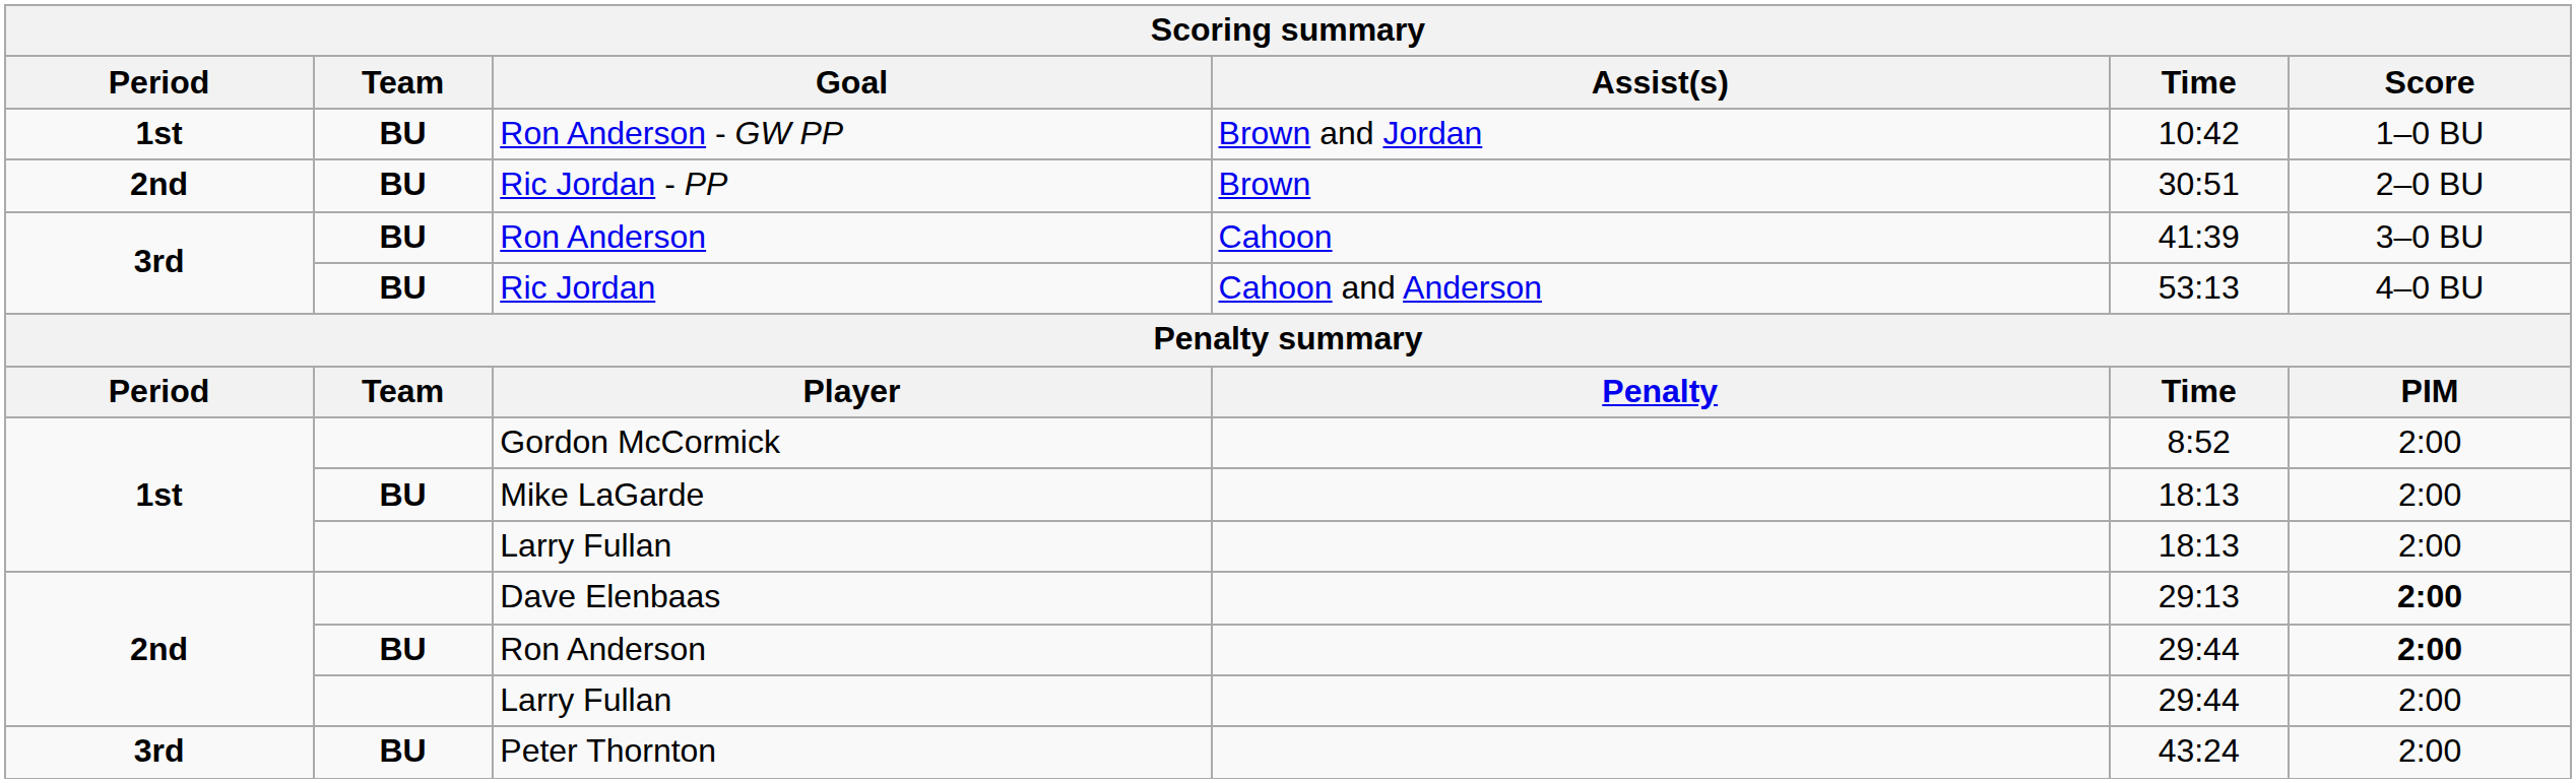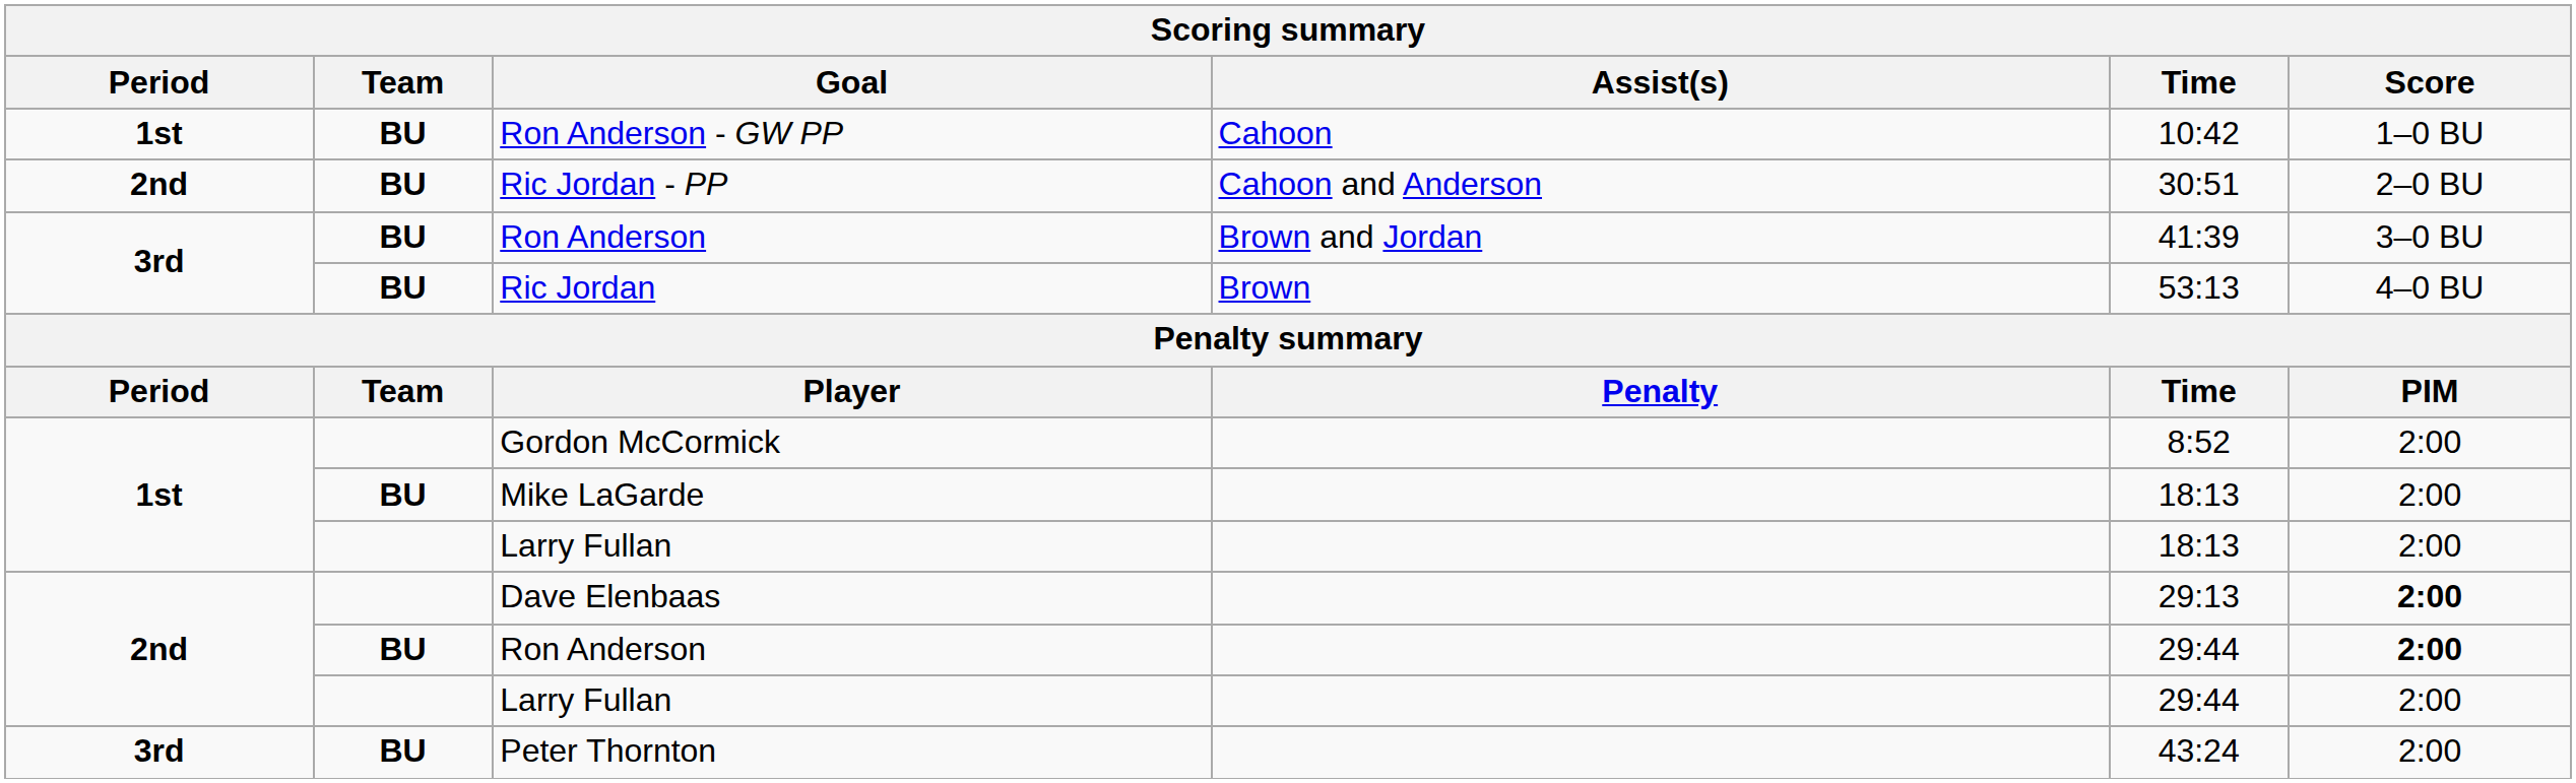 <table style="width:100%;" class="wikitable">
 <tr>
 <th colspan=6>Scoring summary</th>
 </tr>
 <tr>
 <th style="width:12%;">Period</th>
 <th style="width:7%;">Team</th>
 <th style="width:28%;">Goal</th>
 <th style="width:35%;">Assist(s)</th>
 <th style="width:7%;">Time</th>
 <th style="width:11%;">Score</th>
 </tr>
 <tr>
 <td style="text-align:center;" rowspan="1"><strong>1st</strong></td>
 <td align=center><strong>BU</strong></td>
 <td><a href='#'>Ron Anderson</a> - <em>GW PP</em></td>
-<td><a href='#'>Brown</a> and <a href='#'>Jordan</a></td>
+<td><a href='#'>Cahoon</a></td>
 <td align=center>10:42</td>
 <td align=center>1–0 BU</td>
 </tr>
 <tr>
 <td style="text-align:center;" rowspan="1"><strong>2nd</strong></td>
 <td align=center><strong>BU</strong></td>
 <td><a href='#'>Ric Jordan</a> - <em>PP</em></td>
-<td><a href='#'>Brown</a></td>
+<td><a href='#'>Cahoon</a> and <a href='#'>Anderson</a></td>
 <td align=center>30:51</td>
 <td align=center>2–0 BU</td>
 </tr>
 <tr>
 <td style="text-align:center;" rowspan="2"><strong>3rd</strong></td>
 <td align=center><strong>BU</strong></td>
 <td><a href='#'>Ron Anderson</a></td>
-<td><a href='#'>Cahoon</a></td>
+<td><a href='#'>Brown</a> and <a href='#'>Jordan</a></td>
 <td align=center>41:39</td>
 <td align=center>3–0 BU</td>
 </tr>
 <tr>
 <td align=center><strong>BU</strong></td>
 <td><a href='#'>Ric Jordan</a></td>
-<td><a href='#'>Cahoon</a> and <a href='#'>Anderson</a></td>
+<td><a href='#'>Brown</a></td>
 <td align=center>53:13</td>
 <td align=center>4–0 BU</td>
 </tr>
 <tr>
 <th colspan=6>Penalty summary</th>
 </tr>
 <tr>
 <th style="width:12%;">Period</th>
 <th style="width:7%;">Team</th>
 <th style="width:28%;">Player</th>
 <th style="width:35%;"><a href='#'>Penalty</a></th>
 <th style="width:7%;">Time</th>
 <th style="width:11%;">PIM</th>
 </tr>
 <tr>
 <td style="text-align:center;" rowspan="3"><strong>1st</strong></td>
 <td align=center style=><strong></strong></td>
 <td>Gordon McCormick</td>
 <td></td>
 <td align=center>8:52</td>
 <td align=center>2:00</td>
 </tr>
 <tr>
 <td align=center><strong>BU</strong></td>
 <td>Mike LaGarde</td>
 <td></td>
 <td align=center>18:13</td>
 <td align=center>2:00</td>
 </tr>
 <tr>
 <td align=center style=><strong></strong></td>
 <td>Larry Fullan</td>
 <td></td>
 <td align=center>18:13</td>
 <td align=center>2:00</td>
 </tr>
 <tr>
 <td style="text-align:center;" rowspan="3"><strong>2nd</strong></td>
 <td align=center style=><strong></strong></td>
 <td>Dave Elenbaas</td>
 <td></td>
 <td align=center>29:13</td>
 <td align=center><strong>2:00</strong></td>
 </tr>
 <tr>
 <td align=center><strong>BU</strong></td>
 <td>Ron Anderson</td>
 <td></td>
 <td align=center>29:44</td>
 <td align=center><strong>2:00</strong></td>
 </tr>
 <tr>
 <td align=center style=><strong></strong></td>
 <td>Larry Fullan</td>
 <td></td>
 <td align=center>29:44</td>
 <td align=center>2:00</td>
 </tr>
 <tr>
 <td style="text-align:center;" rowspan="1"><strong>3rd</strong></td>
 <td align=center><strong>BU</strong></td>
 <td>Peter Thornton</td>
 <td></td>
 <td align=center>43:24</td>
 <td align=center>2:00</td>
 </tr>
 <tr>
 </tr>
 </table>
